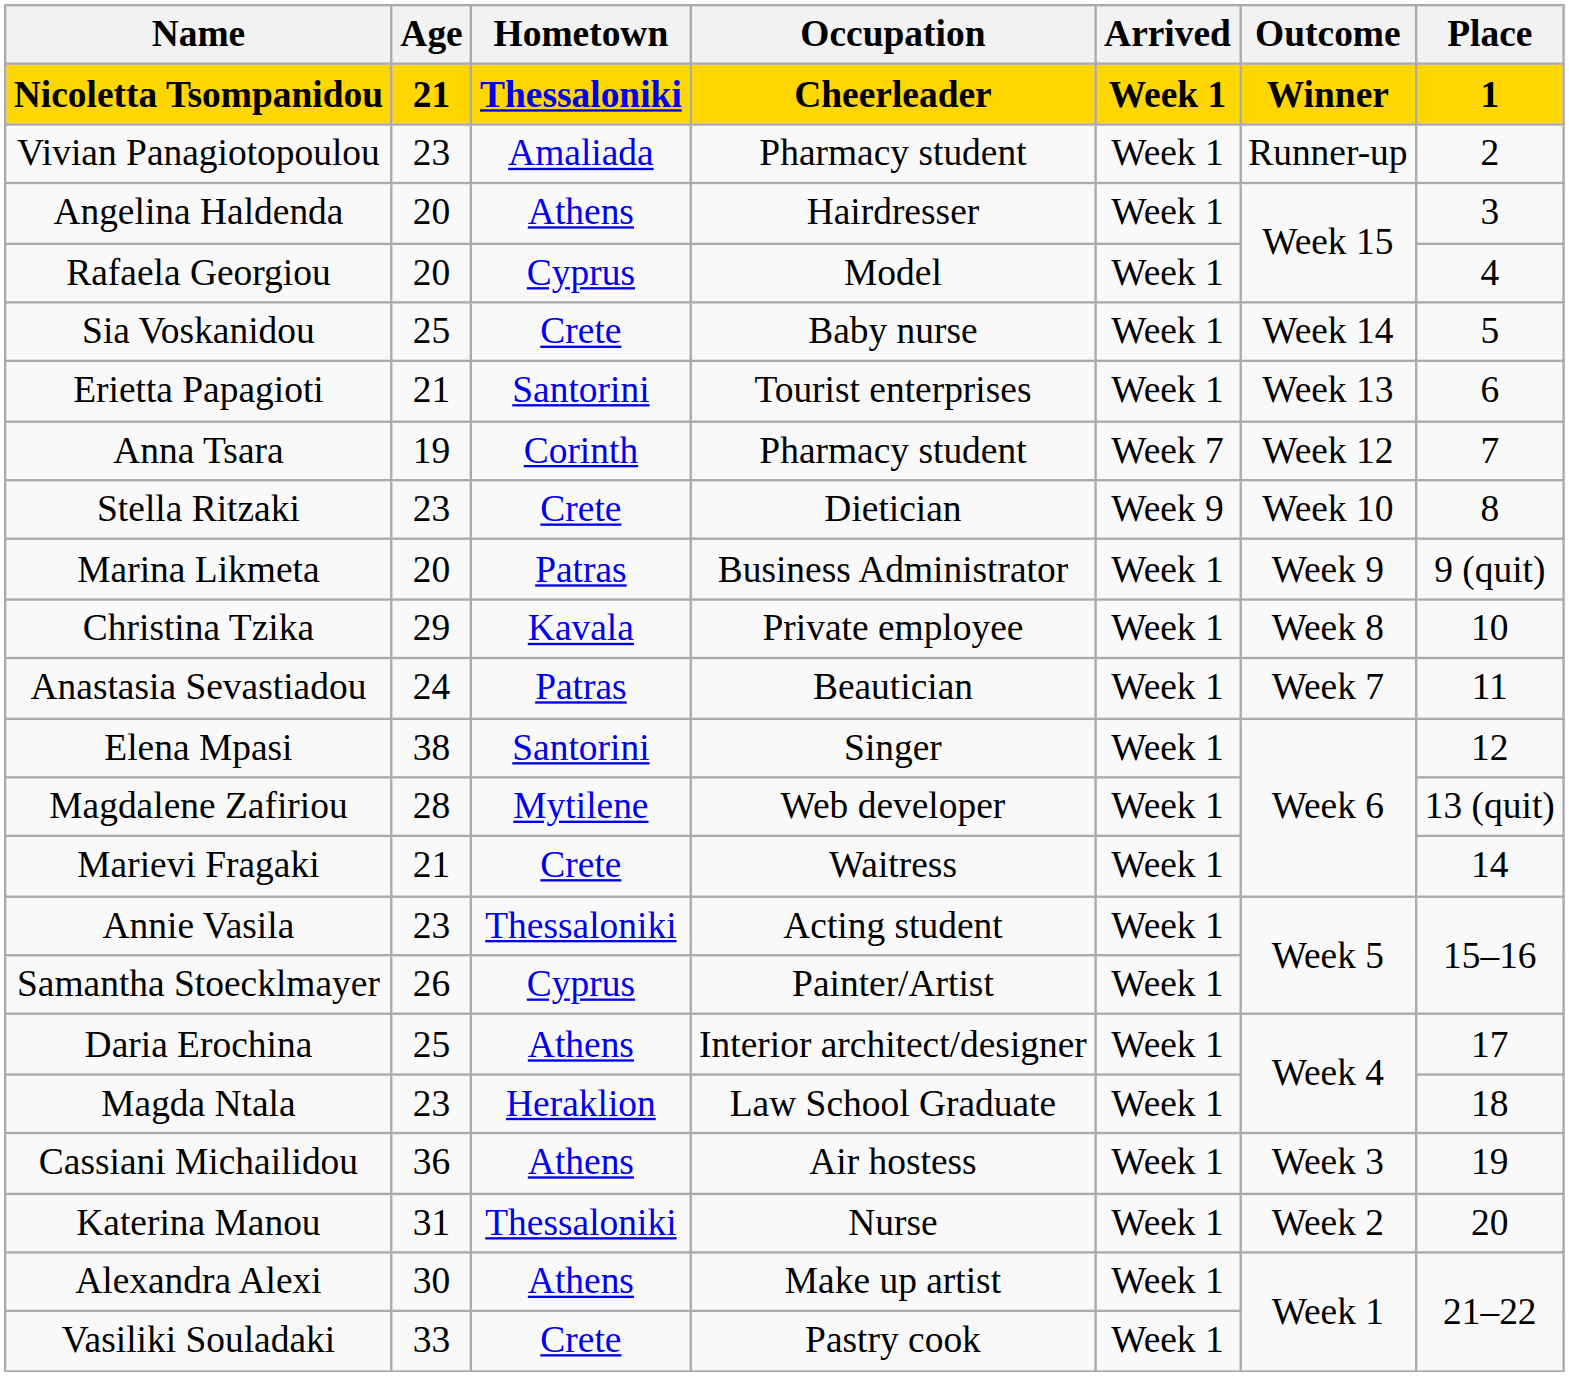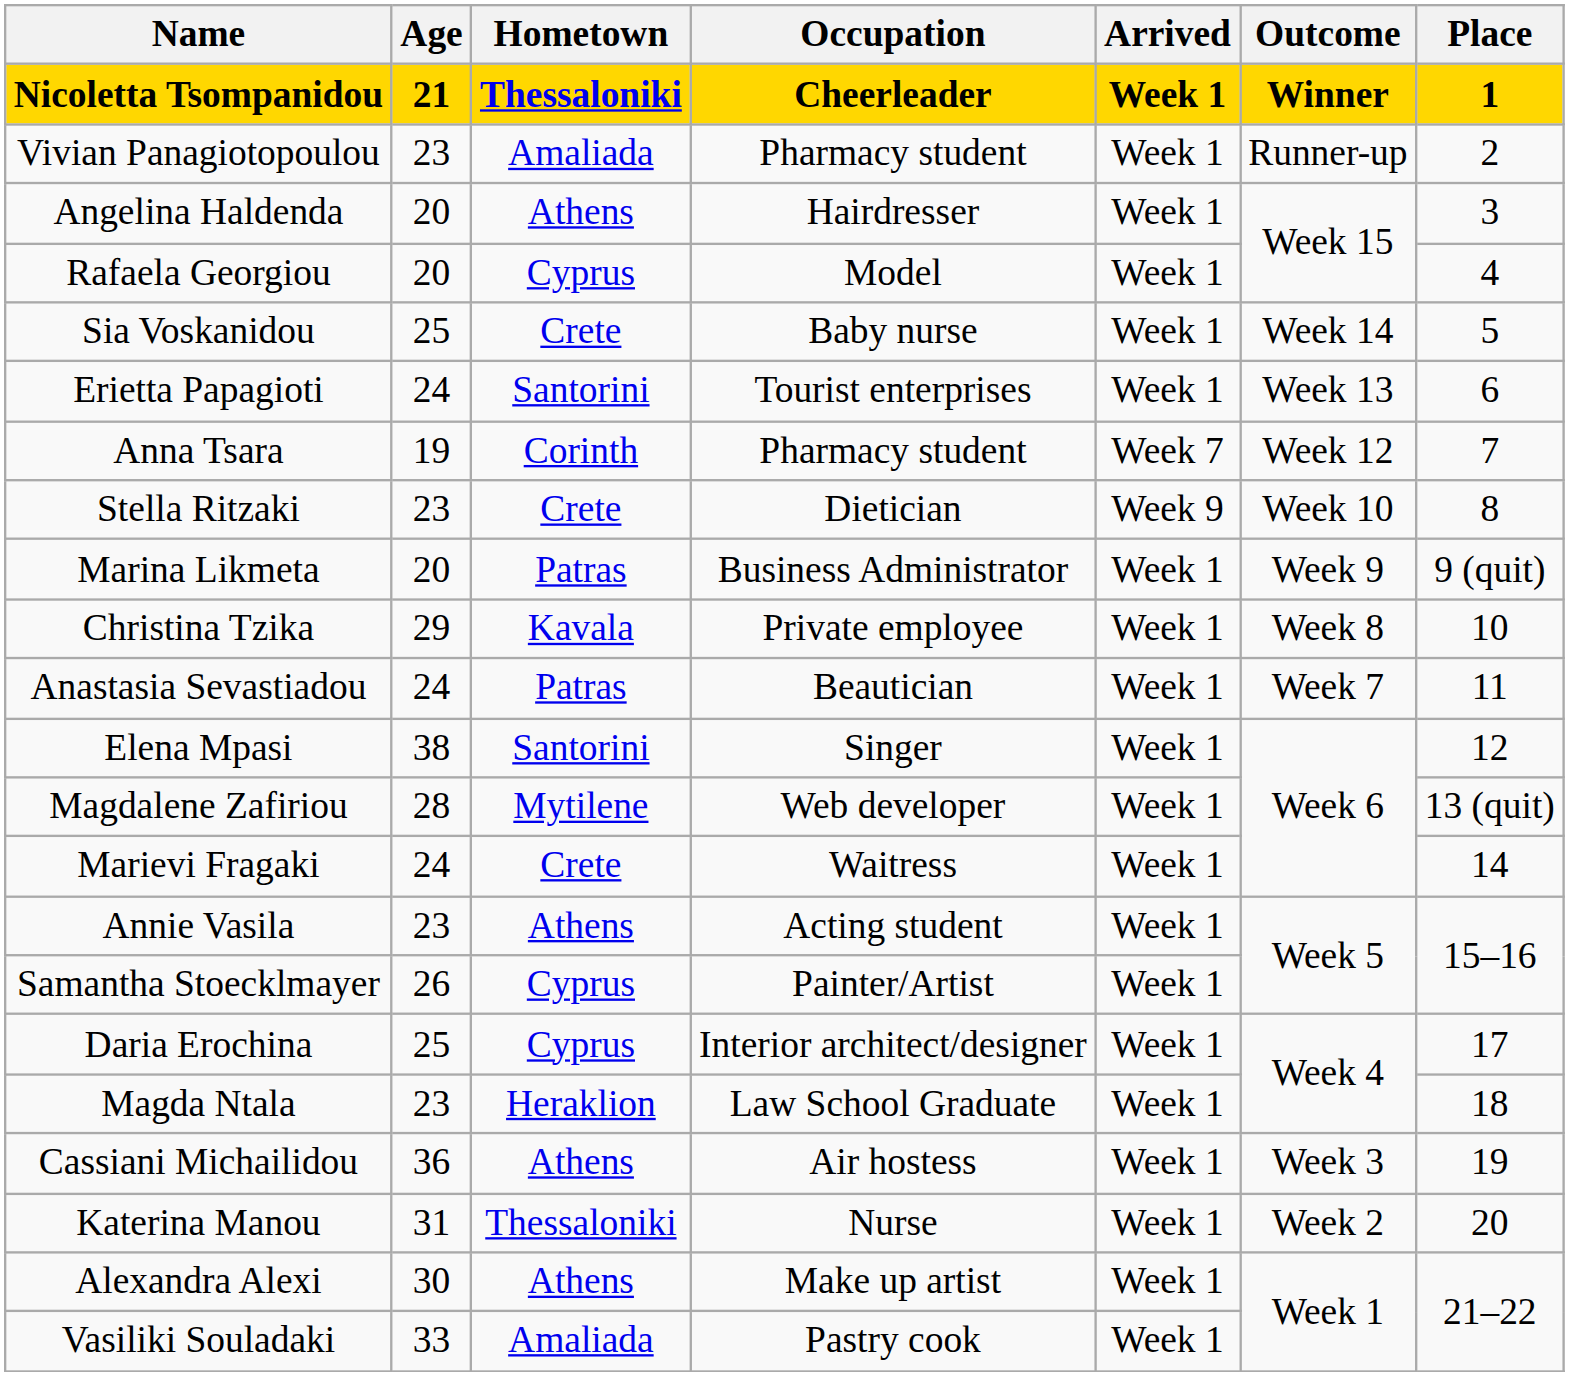 <table class="wikitable sortable" style="text-align:center;">
 <tr>
 <th>Name</th>
 <th>Age</th>
 <th>Hometown</th>
 <th>Occupation</th>
 <th>Arrived</th>
 <th>Outcome</th>
 <th>Place</th>
 </tr>
 <tr>
 <td bgcolor="gold"><strong>Nicoletta Tsompanidou</strong></td>
 <td bgcolor="gold"><strong>21</strong></td>
 <td bgcolor="gold"><strong><a href='#'>Thessaloniki</a></strong></td>
 <td bgcolor="gold"><strong>Cheerleader</strong></td>
 <td bgcolor="gold"><strong>Week 1</strong></td>
 <td bgcolor="gold"><strong>Winner</strong></td>
 <td bgcolor="gold"><strong>1</strong></td>
 </tr>
 <tr>
 <td>Vivian Panagiotopoulou</td>
 <td>23</td>
 <td><a href='#'>Amaliada</a></td>
 <td>Pharmacy student</td>
 <td>Week 1</td>
 <td data-sort-value="Wh">Runner-up</td>
 <td>2</td>
 </tr>
 <tr>
 <td>Angelina Haldenda</td>
 <td>20</td>
 <td><a href='#'>Athens</a></td>
 <td>Hairdresser</td>
 <td>Week 1</td>
 <td rowspan="2">Week 15</td>
 <td>3</td>
 </tr>
 <tr>
 <td>Rafaela Georgiou</td>
 <td>20</td>
 <td><a href='#'>Cyprus</a></td>
 <td>Model</td>
 <td>Week 1</td>
 <td>4</td>
 </tr>
 <tr>
 <td>Sia Voskanidou</td>
 <td>25</td>
 <td><a href='#'>Crete</a></td>
 <td>Baby nurse</td>
 <td>Week 1</td>
 <td>Week 14</td>
 <td>5</td>
 </tr>
 <tr>
 <td>Erietta Papagioti</td>
-<td>21</td>
+<td>24</td>
 <td><a href='#'>Santorini</a></td>
 <td>Tourist enterprises</td>
 <td>Week 1</td>
 <td>Week 13</td>
 <td>6</td>
 </tr>
 <tr>
 <td>Anna Tsara</td>
 <td>19</td>
 <td><a href='#'>Corinth</a></td>
 <td>Pharmacy student</td>
 <td>Week 7</td>
 <td>Week 12</td>
 <td>7</td>
 </tr>
 <tr>
 <td>Stella Ritzaki</td>
 <td>23</td>
 <td><a href='#'>Crete</a></td>
 <td>Dietician</td>
 <td>Week 9</td>
 <td>Week 10</td>
 <td>8</td>
 </tr>
 <tr>
 <td>Marina Likmeta</td>
 <td>20</td>
 <td><a href='#'>Patras</a></td>
 <td>Business Administrator</td>
 <td>Week 1</td>
 <td>Week 9</td>
 <td>9 (quit)</td>
 </tr>
 <tr>
 <td>Christina Tzika</td>
 <td>29</td>
 <td><a href='#'>Kavala</a></td>
 <td>Private employee</td>
 <td>Week 1</td>
 <td>Week 8</td>
 <td>10</td>
 </tr>
 <tr>
 <td>Anastasia Sevastiadou</td>
 <td>24</td>
 <td><a href='#'>Patras</a></td>
 <td>Beautician</td>
 <td>Week 1</td>
 <td>Week 7</td>
 <td>11</td>
 </tr>
 <tr>
 <td>Elena Mpasi</td>
 <td>38</td>
 <td><a href='#'>Santorini</a></td>
 <td>Singer</td>
 <td>Week 1</td>
 <td rowspan="3">Week 6</td>
 <td>12</td>
 </tr>
 <tr>
 <td>Magdalene Zafiriou</td>
 <td>28</td>
 <td><a href='#'>Mytilene</a></td>
 <td>Web developer</td>
 <td>Week 1</td>
 <td>13 (quit)</td>
 </tr>
 <tr>
 <td>Marievi Fragaki</td>
-<td>21</td>
+<td>24</td>
 <td><a href='#'>Crete</a></td>
 <td>Waitress</td>
 <td>Week 1</td>
 <td>14</td>
 </tr>
 <tr>
 <td>Annie Vasila</td>
 <td>23</td>
-<td><a href='#'>Thessaloniki</a></td>
+<td><a href='#'>Athens</a></td>
 <td>Acting student</td>
 <td>Week 1</td>
 <td rowspan="2">Week 5</td>
 <td rowspan="2">15–16</td>
 </tr>
 <tr>
 <td>Samantha Stoecklmayer</td>
 <td>26</td>
 <td><a href='#'>Cyprus</a></td>
 <td>Painter/Artist</td>
 <td>Week 1</td>
 </tr>
 <tr>
 <td>Daria Erochina</td>
 <td>25</td>
-<td><a href='#'>Athens</a></td>
+<td><a href='#'>Cyprus</a></td>
 <td>Interior architect/designer</td>
 <td>Week 1</td>
 <td rowspan="2">Week 4</td>
 <td>17</td>
 </tr>
 <tr>
 <td>Magda Ntala</td>
 <td>23</td>
 <td><a href='#'>Heraklion</a></td>
 <td>Law  School Graduate</td>
 <td>Week 1</td>
 <td>18</td>
 </tr>
 <tr>
 <td>Cassiani Michailidou</td>
 <td>36</td>
 <td><a href='#'>Athens</a></td>
 <td>Air hostess</td>
 <td>Week 1</td>
 <td>Week 3</td>
 <td>19</td>
 </tr>
 <tr>
 <td>Katerina Manou</td>
 <td>31</td>
 <td><a href='#'>Thessaloniki</a></td>
 <td>Nurse</td>
 <td>Week 1</td>
 <td>Week 2</td>
 <td>20</td>
 </tr>
 <tr>
 <td>Alexandra Alexi</td>
 <td>30</td>
 <td><a href='#'>Athens</a></td>
 <td>Make up artist</td>
 <td>Week 1</td>
 <td rowspan="2">Week 1</td>
 <td rowspan="2">21–22</td>
 </tr>
 <tr>
 <td>Vasiliki Souladaki</td>
 <td>33</td>
-<td><a href='#'>Crete</a></td>
+<td><a href='#'>Amaliada</a></td>
 <td>Pastry cook</td>
 <td>Week 1</td>
 </tr>
 <tr>
 </tr>
 </table>
